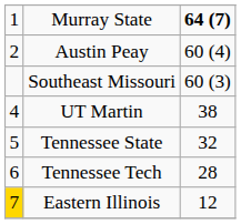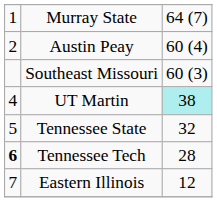 <table class="wikitable">
 <tr align="center">
 </tr>
 <tr align="center">
 <td>1</td>
 <td>Murray State</td>
-<td><strong>64 (7)</strong></td>
+<td>64 (7)</td>
 </tr>
 <tr align="center">
 <td>2</td>
 <td>Austin Peay</td>
 <td>60 (4)</td>
 </tr>
 <tr align="center">
 <td></td>
 <td>Southeast Missouri</td>
 <td>60 (3)</td>
 </tr>
 <tr align="center">
 <td>4</td>
 <td>UT Martin</td>
-<td>38</td>
+<td style="background: paleturquoise;">38</td>
 </tr>
 <tr align="center">
 <td>5</td>
 <td>Tennessee State</td>
 <td>32</td>
 </tr>
 <tr align="center">
-<td>6</td>
+<td><strong>6</strong></td>
 <td>Tennessee Tech</td>
 <td>28</td>
 </tr>
 <tr align="center">
-<td style="background: gold;">7</td>
+<td>7</td>
 <td>Eastern Illinois</td>
 <td>12</td>
 </tr>
 <tr align="center">
 </tr>
 </table>
